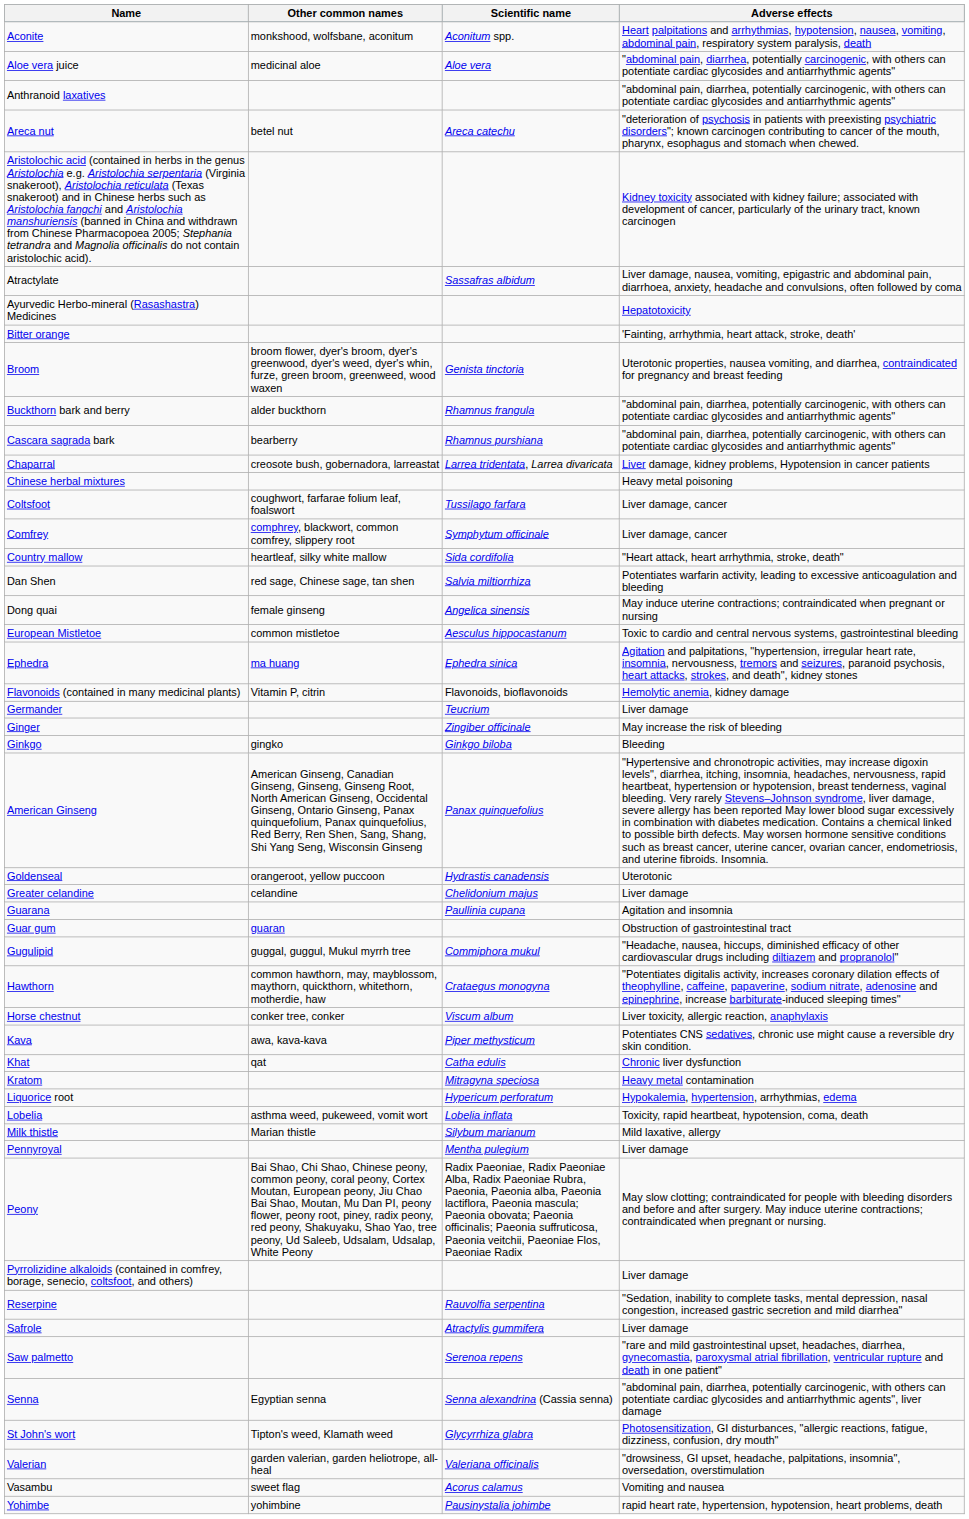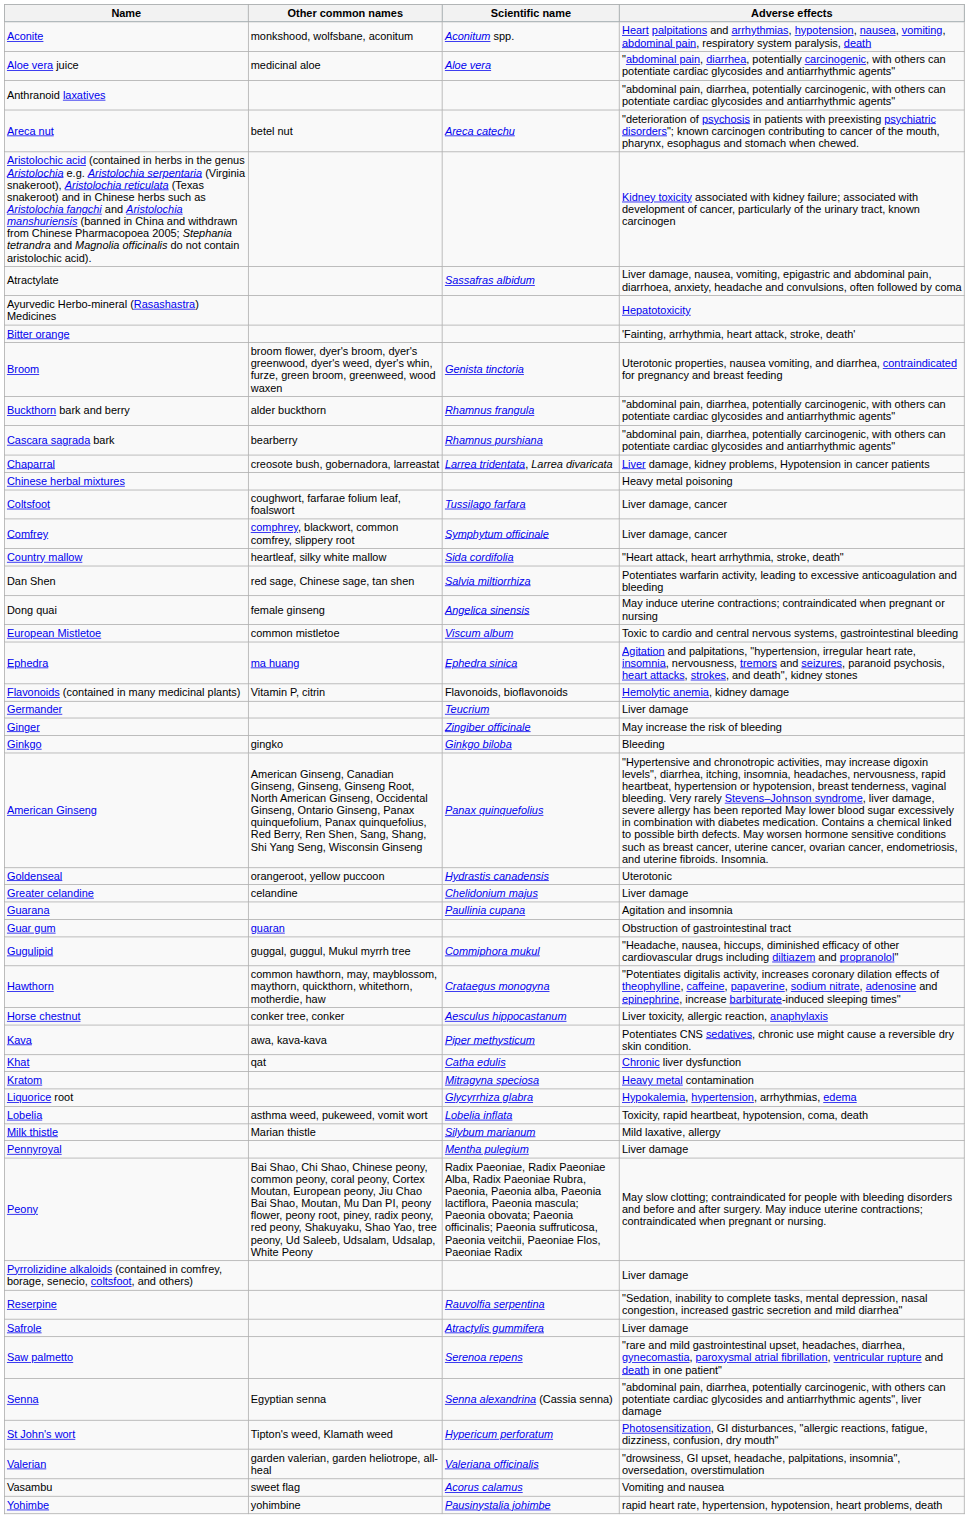 <table class="wikitable sortable"  style="width:100%; font-size:90%;">
 <tr style="background:#115a6c;">
 <th>Name</th>
 <th>Other common names</th>
 <th>Scientific name</th>
 <th>Adverse effects</th>
 </tr>
 <tr>
 <td><a href='#'>Aconite</a></td>
 <td>monkshood, wolfsbane, aconitum</td>
 <td><em><a href='#'>Aconitum</a></em> spp.</td>
 <td><a href='#'>Heart</a> <a href='#'>palpitations</a> and <a href='#'>arrhythmias</a>, <a href='#'>hypotension</a>, <a href='#'>nausea</a>, <a href='#'>vomiting</a>, <a href='#'>abdominal pain</a>, respiratory system paralysis, <a href='#'>death</a></td>
 </tr>
 <tr>
 <td><a href='#'>Aloe vera</a> juice</td>
 <td>medicinal aloe</td>
 <td><em><a href='#'>Aloe vera</a></em></td>
 <td>"<a href='#'>abdominal pain</a>, <a href='#'>diarrhea</a>, potentially <a href='#'>carcinogenic</a>, with others can potentiate cardiac glycosides and antiarrhythmic agents"</td>
 </tr>
 <tr>
 <td>Anthranoid <a href='#'>laxatives</a></td>
 <td></td>
 <td></td>
 <td>"abdominal pain, diarrhea, potentially carcinogenic, with others can potentiate cardiac glycosides and antiarrhythmic agents"</td>
 </tr>
 <tr>
 <td><a href='#'>Areca nut</a></td>
 <td>betel nut</td>
 <td><em><a href='#'>Areca catechu</a></em></td>
 <td>"deterioration of <a href='#'>psychosis</a> in patients with preexisting <a href='#'>psychiatric disorders</a>"; known carcinogen contributing to cancer of the mouth, pharynx, esophagus and stomach when chewed.</td>
 </tr>
 <tr>
 <td><a href='#'>Aristolochic acid</a> (contained in herbs in the genus <em><a href='#'>Aristolochia</a></em> e.g. <em><a href='#'>Aristolochia serpentaria</a></em> (Virginia snakeroot), <em><a href='#'>Aristolochia reticulata</a></em> (Texas snakeroot) and in Chinese herbs such as <em><a href='#'>Aristolochia fangchi</a></em> and <em><a href='#'>Aristolochia manshuriensis</a></em> (banned in China and withdrawn from Chinese Pharmacopoea 2005; <em>Stephania tetrandra</em> and <em>Magnolia officinalis</em> do not contain aristolochic acid).</td>
 <td></td>
 <td></td>
 <td><a href='#'>Kidney toxicity</a> associated with kidney failure; associated with development of cancer, particularly of the urinary tract, known carcinogen</td>
 </tr>
 <tr>
 <td>Atractylate</td>
 <td></td>
 <td><em><a href='#'>Sassafras albidum</a></em></td>
 <td>Liver damage, nausea, vomiting, epigastric and abdominal pain, diarrhoea, anxiety, headache and convulsions, often followed by coma</td>
 </tr>
 <tr>
 <td>Ayurvedic Herbo-mineral (<a href='#'>Rasashastra</a>) Medicines</td>
 <td></td>
 <td></td>
 <td><a href='#'>Hepatotoxicity</a></td>
 </tr>
 <tr>
 <td><a href='#'>Bitter orange</a></td>
 <td></td>
 <td></td>
 <td>'Fainting, arrhythmia, heart attack, stroke, death'</td>
 </tr>
 <tr>
 <td><a href='#'>Broom</a></td>
 <td>broom flower, dyer's broom, dyer's greenwood, dyer's weed, dyer's whin, furze, green broom, greenweed, wood waxen</td>
 <td><em><a href='#'>Genista tinctoria</a></em></td>
 <td>Uterotonic properties, nausea vomiting, and diarrhea, <a href='#'>contraindicated</a> for pregnancy and breast feeding</td>
 </tr>
 <tr>
 <td><a href='#'>Buckthorn</a> bark and berry</td>
 <td>alder buckthorn</td>
 <td><em><a href='#'>Rhamnus frangula</a></em></td>
 <td>"abdominal pain, diarrhea, potentially carcinogenic, with others can potentiate cardiac glycosides and antiarrhythmic agents"</td>
 </tr>
 <tr>
 <td><a href='#'>Cascara sagrada</a> bark</td>
 <td>bearberry</td>
 <td><em><a href='#'>Rhamnus purshiana</a></em></td>
 <td>"abdominal pain, diarrhea, potentially carcinogenic, with others can potentiate cardiac glycosides and antiarrhythmic agents"</td>
 </tr>
 <tr>
 <td><a href='#'>Chaparral</a></td>
 <td>creosote bush, gobernadora, larreastat</td>
 <td><em><a href='#'>Larrea tridentata</a></em>, <em>Larrea divaricata</em></td>
 <td><a href='#'>Liver</a> damage, kidney problems, Hypotension in cancer patients</td>
 </tr>
 <tr>
 <td><a href='#'>Chinese herbal mixtures</a></td>
 <td></td>
 <td></td>
 <td>Heavy metal poisoning</td>
 </tr>
 <tr>
 <td><a href='#'>Coltsfoot</a></td>
 <td>coughwort, farfarae folium leaf, foalswort</td>
 <td><em><a href='#'>Tussilago farfara</a></em></td>
 <td>Liver damage, cancer</td>
 </tr>
 <tr>
 <td><a href='#'>Comfrey</a></td>
 <td><a href='#'>comphrey</a>, blackwort, common comfrey, slippery root</td>
 <td><em><a href='#'>Symphytum officinale</a></em></td>
 <td>Liver damage, cancer</td>
 </tr>
 <tr>
 <td><a href='#'>Country mallow</a></td>
 <td>heartleaf, silky white mallow</td>
 <td><em><a href='#'>Sida cordifolia</a></em></td>
 <td>"Heart attack, heart arrhythmia, stroke, death"</td>
 </tr>
 <tr>
 <td>Dan Shen</td>
 <td>red sage, Chinese sage, tan shen</td>
 <td><em><a href='#'>Salvia miltiorrhiza</a></em></td>
 <td>Potentiates warfarin activity, leading to excessive anticoagulation and bleeding</td>
 </tr>
 <tr>
 <td>Dong quai</td>
 <td>female ginseng</td>
 <td><em><a href='#'>Angelica sinensis</a></em></td>
 <td>May induce uterine contractions; contraindicated when pregnant or nursing</td>
 </tr>
 <tr>
 <td><a href='#'>European Mistletoe</a></td>
 <td>common mistletoe</td>
-<td><em><a href='#'>Aesculus hippocastanum</a></em></td>
+<td><em><a href='#'>Viscum album</a></em></td>
 <td>Toxic to cardio and central nervous systems, gastrointestinal bleeding</td>
 </tr>
 <tr>
 <td><a href='#'>Ephedra</a></td>
 <td><a href='#'>ma huang</a></td>
 <td><em><a href='#'>Ephedra sinica</a></em></td>
 <td><a href='#'>Agitation</a> and palpitations, "hypertension, irregular heart rate, <a href='#'>insomnia</a>, nervousness, <a href='#'>tremors</a> and <a href='#'>seizures</a>, paranoid psychosis, <a href='#'>heart attacks</a>, <a href='#'>strokes</a>, and death", kidney stones</td>
 </tr>
 <tr>
 <td><a href='#'>Flavonoids</a> (contained in many medicinal plants)</td>
 <td>Vitamin P, citrin</td>
 <td>Flavonoids, bioflavonoids</td>
 <td><a href='#'>Hemolytic anemia</a>, kidney damage</td>
 </tr>
 <tr>
 <td><a href='#'>Germander</a></td>
 <td></td>
 <td><em><a href='#'>Teucrium</a></em></td>
 <td>Liver damage</td>
 </tr>
 <tr>
 <td><a href='#'>Ginger</a></td>
 <td></td>
 <td><em><a href='#'>Zingiber officinale</a></em></td>
 <td>May increase the risk of bleeding</td>
 </tr>
 <tr>
 <td><a href='#'>Ginkgo</a></td>
 <td>gingko</td>
 <td><em><a href='#'>Ginkgo biloba</a></em></td>
 <td>Bleeding</td>
 </tr>
 <tr>
 <td><a href='#'>American Ginseng</a></td>
 <td>American Ginseng, Canadian Ginseng, Ginseng, Ginseng Root, North American Ginseng, Occidental Ginseng, Ontario Ginseng, Panax quinquefolium, Panax quinquefolius, Red Berry, Ren Shen, Sang, Shang, Shi Yang Seng, Wisconsin Ginseng</td>
 <td><em><a href='#'>Panax quinquefolius</a></em></td>
 <td>"Hypertensive and chronotropic activities, may increase digoxin levels", diarrhea, itching, insomnia, headaches, nervousness, rapid heartbeat, hypertension or hypotension, breast tenderness, vaginal bleeding.  Very rarely <a href='#'>Stevens–Johnson syndrome</a>, liver damage, severe allergy has been reported May lower blood sugar excessively in combination with diabetes medication. Contains a chemical linked to possible birth defects. May worsen hormone sensitive conditions such as breast cancer, uterine cancer, ovarian cancer, endometriosis, and uterine fibroids. Insomnia.</td>
 </tr>
 <tr>
 <td><a href='#'>Goldenseal</a></td>
 <td>orangeroot, yellow puccoon</td>
 <td><em><a href='#'>Hydrastis canadensis</a></em></td>
 <td>Uterotonic</td>
 </tr>
 <tr>
 <td><a href='#'>Greater celandine</a></td>
 <td>celandine</td>
 <td><em><a href='#'>Chelidonium majus</a></em></td>
 <td>Liver damage</td>
 </tr>
 <tr>
 <td><a href='#'>Guarana</a></td>
 <td></td>
 <td><em><a href='#'>Paullinia cupana</a></em></td>
 <td>Agitation and insomnia</td>
 </tr>
 <tr>
 <td><a href='#'>Guar gum</a></td>
 <td><a href='#'>guaran</a></td>
 <td></td>
 <td>Obstruction of gastrointestinal tract</td>
 </tr>
 <tr>
 <td><a href='#'>Gugulipid</a></td>
 <td>guggal, guggul, Mukul myrrh tree</td>
 <td><em><a href='#'>Commiphora mukul</a></em></td>
 <td>"Headache, nausea, hiccups, diminished efficacy of other cardiovascular drugs including <a href='#'>diltiazem</a> and <a href='#'>propranolol</a>"</td>
 </tr>
 <tr>
 <td><a href='#'>Hawthorn</a></td>
 <td>common hawthorn, may, mayblossom, maythorn, quickthorn, whitethorn, motherdie, haw</td>
 <td><em><a href='#'>Crataegus monogyna</a></em></td>
 <td>"Potentiates digitalis activity, increases coronary dilation effects of <a href='#'>theophylline</a>, <a href='#'>caffeine</a>, <a href='#'>papaverine</a>, <a href='#'>sodium nitrate</a>, <a href='#'>adenosine</a> and <a href='#'>epinephrine</a>, increase <a href='#'>barbiturate</a>-induced sleeping times"</td>
 </tr>
 <tr>
 <td><a href='#'>Horse chestnut</a></td>
 <td>conker tree, conker</td>
-<td><em><a href='#'>Viscum album</a></em></td>
+<td><em><a href='#'>Aesculus hippocastanum</a></em></td>
 <td>Liver toxicity, allergic reaction, <a href='#'>anaphylaxis</a></td>
 </tr>
 <tr>
 <td><a href='#'>Kava</a></td>
 <td>awa, kava-kava</td>
 <td><em><a href='#'>Piper methysticum</a></em></td>
 <td>Potentiates CNS <a href='#'>sedatives</a>, chronic use might cause a reversible dry skin condition.</td>
 </tr>
 <tr>
 <td><a href='#'>Khat</a></td>
 <td>qat</td>
 <td><em><a href='#'>Catha edulis</a></em></td>
 <td><a href='#'>Chronic</a> liver dysfunction</td>
 </tr>
 <tr>
 <td><a href='#'>Kratom</a></td>
 <td></td>
 <td><em><a href='#'>Mitragyna speciosa</a></em></td>
 <td><a href='#'>Heavy metal</a> contamination</td>
 </tr>
 <tr>
 <td><a href='#'>Liquorice</a> root</td>
 <td></td>
-<td><em><a href='#'>Hypericum perforatum</a></em></td>
+<td><em><a href='#'>Glycyrrhiza glabra</a></em></td>
 <td><a href='#'>Hypokalemia</a>, <a href='#'>hypertension</a>, arrhythmias, <a href='#'>edema</a></td>
 </tr>
 <tr>
 <td><a href='#'>Lobelia</a></td>
 <td>asthma weed, pukeweed, vomit wort</td>
 <td><em><a href='#'>Lobelia inflata</a></em></td>
 <td>Toxicity, rapid heartbeat, hypotension, coma, death</td>
 </tr>
 <tr>
 <td><a href='#'>Milk thistle</a></td>
 <td>Marian thistle</td>
 <td><em><a href='#'>Silybum marianum</a></em></td>
 <td>Mild laxative, allergy</td>
 </tr>
 <tr>
 <td><a href='#'>Pennyroyal</a></td>
 <td></td>
 <td><em><a href='#'>Mentha pulegium</a></em></td>
 <td>Liver damage</td>
 </tr>
 <tr>
 <td><a href='#'>Peony</a></td>
 <td>Bai Shao, Chi Shao, Chinese peony, common peony, coral peony, Cortex Moutan, European peony, Jiu Chao Bai Shao, Moutan, Mu Dan PI, peony flower, peony root, piney, radix peony, red peony, Shakuyaku, Shao Yao, tree peony, Ud Saleeb, Udsalam, Udsalap, White Peony</td>
 <td>Radix Paeoniae, Radix Paeoniae Alba, Radix Paeoniae Rubra, Paeonia, Paeonia alba, Paeonia lactiflora, Paeonia mascula; Paeonia obovata; Paeonia officinalis; Paeonia suffruticosa, Paeonia veitchii, Paeoniae Flos, Paeoniae Radix</td>
 <td>May slow clotting; contraindicated for people with bleeding disorders and before and after surgery.  May induce uterine contractions; contraindicated when pregnant or nursing.</td>
 </tr>
 <tr>
 <td><a href='#'>Pyrrolizidine alkaloids</a> (contained in comfrey, borage, senecio, <a href='#'>coltsfoot</a>, and others)</td>
 <td></td>
 <td></td>
 <td>Liver damage</td>
 </tr>
 <tr>
 <td><a href='#'>Reserpine</a></td>
 <td></td>
 <td><em><a href='#'>Rauvolfia serpentina</a></em></td>
 <td>"Sedation, inability to complete tasks, mental depression, nasal congestion, increased gastric secretion and mild diarrhea"</td>
 </tr>
 <tr>
 <td><a href='#'>Safrole</a></td>
 <td></td>
 <td><em><a href='#'>Atractylis gummifera</a></em></td>
 <td>Liver damage</td>
 </tr>
 <tr>
 <td><a href='#'>Saw palmetto</a></td>
 <td></td>
 <td><em><a href='#'>Serenoa repens</a></em></td>
 <td>"rare and mild gastrointestinal upset, headaches, diarrhea, <a href='#'>gynecomastia</a>, <a href='#'>paroxysmal atrial fibrillation</a>, <a href='#'>ventricular rupture</a> and <a href='#'>death</a> in one patient"</td>
 </tr>
 <tr>
 <td><a href='#'>Senna</a></td>
 <td>Egyptian senna</td>
 <td><em><a href='#'>Senna alexandrina</a></em> (Cassia senna)</td>
 <td>"abdominal pain, diarrhea, potentially carcinogenic, with others can potentiate cardiac glycosides and antiarrhythmic agents", liver damage</td>
 </tr>
 <tr>
 <td><a href='#'>St John's wort</a></td>
 <td>Tipton's weed, Klamath weed</td>
-<td><em><a href='#'>Glycyrrhiza glabra</a></em></td>
+<td><em><a href='#'>Hypericum perforatum</a></em></td>
 <td><a href='#'>Photosensitization</a>, GI disturbances, "allergic reactions, fatigue, dizziness, confusion, dry mouth"</td>
 </tr>
 <tr>
 <td><a href='#'>Valerian</a></td>
 <td>garden valerian, garden heliotrope, all-heal</td>
 <td><em><a href='#'>Valeriana officinalis</a></em></td>
 <td>"drowsiness, GI upset, headache, palpitations, insomnia", oversedation, overstimulation</td>
 </tr>
 <tr>
 <td>Vasambu</td>
 <td>sweet flag</td>
 <td><em><a href='#'>Acorus calamus</a></em></td>
 <td>Vomiting and nausea</td>
 </tr>
 <tr>
 <td><a href='#'>Yohimbe</a></td>
 <td>yohimbine</td>
 <td><em><a href='#'>Pausinystalia johimbe</a></em></td>
 <td>rapid heart rate, hypertension, hypotension, heart problems, death</td>
 </tr>
 </table>
